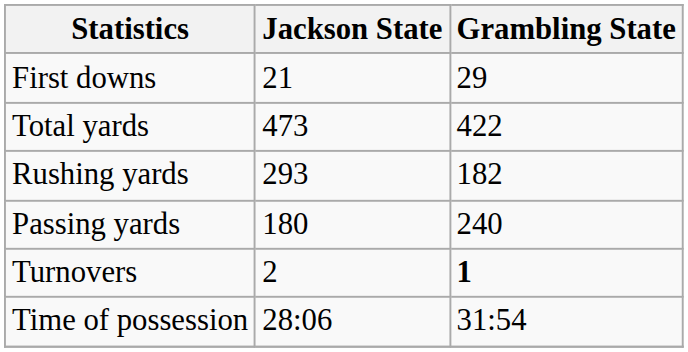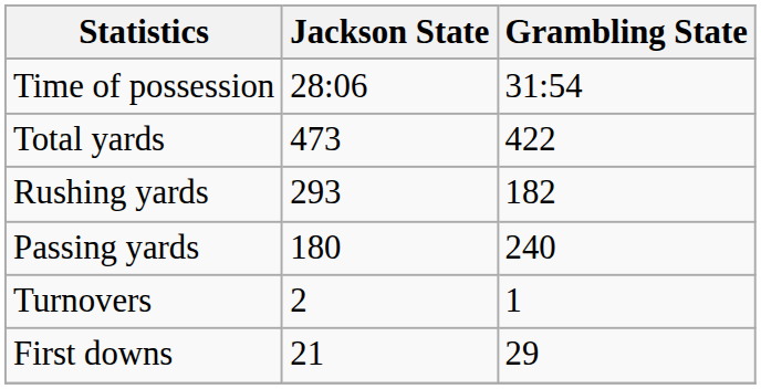 <table class="wikitable">
 <tr>
 <th>Statistics</th>
 <th>Jackson State</th>
 <th>Grambling State</th>
 </tr>
 <tr>
-<td>First downs</td>
-<td>21</td>
-<td>29</td>
+<td>Time of possession</td>
+<td>28:06</td>
+<td>31:54</td>
 </tr>
 <tr>
 <td>Total yards</td>
 <td>473</td>
 <td>422</td>
 </tr>
 <tr>
 <td>Rushing yards</td>
 <td>293</td>
 <td>182</td>
 </tr>
 <tr>
 <td>Passing yards</td>
 <td>180</td>
 <td>240</td>
 </tr>
 <tr>
 <td>Turnovers</td>
 <td>2</td>
-<td><strong>1</strong></td>
+<td>1</td>
 </tr>
 <tr>
-<td>Time of possession</td>
-<td>28:06</td>
-<td>31:54</td>
+<td>First downs</td>
+<td>21</td>
+<td>29</td>
 </tr>
 <tr>
 </tr>
 </table>
